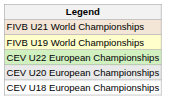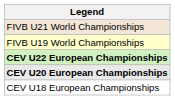 <table class= "wikitable mw-collapsible mw-collapsed" style=font-size:95%>
 <tr>
 <th>Legend</th>
 </tr>
 <tr bgcolor=f3e6d7>
 <td>FIVB U21 World Championships</td>
 </tr>
 <tr bgcolor=#ffffcc>
 <td>FIVB U19 World Championships</td>
 </tr>
 <tr bgcolor=#d0f0c0>
-<td>CEV U22 European Championships</td>
+<td><strong>CEV U22 European Championships</strong></td>
 </tr>
 <tr bgcolor=#E9E9E9>
-<td>CEV U20 European Championships</td>
+<td><strong>CEV U20 European Championships</strong></td>
 </tr>
 <tr bgcolor=#ffffff>
 <td>CEV U18 European Championships</td>
 </tr>
 </table>
